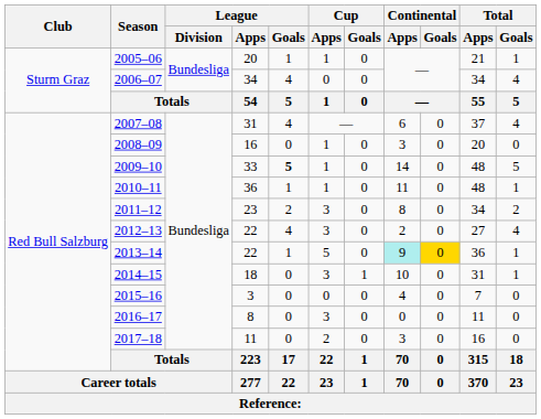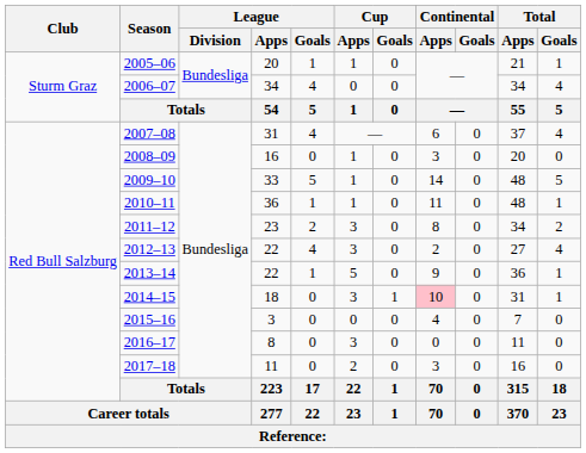 <table class="wikitable" Style="text-align: center">
 <tr>
 <th rowspan="2">Club</th>
 <th rowspan="2">Season</th>
 <th colspan="3">League</th>
 <th colspan="2">Cup</th>
 <th colspan="2">Continental</th>
 <th colspan="2">Total</th>
 </tr>
 <tr>
 <th>Division</th>
 <th>Apps</th>
 <th>Goals</th>
 <th>Apps</th>
 <th>Goals</th>
 <th>Apps</th>
 <th>Goals</th>
 <th>Apps</th>
 <th>Goals</th>
 </tr>
 <tr>
 <td rowspan="3"><a href='#'>Sturm Graz</a></td>
 <td><a href='#'>2005–06</a></td>
 <td rowspan="2"><a href='#'>Bundesliga</a></td>
 <td>20</td>
 <td>1</td>
 <td>1</td>
 <td>0</td>
 <td rowspan="2" colspan="2">—</td>
 <td>21</td>
 <td>1</td>
 </tr>
 <tr>
 <td><a href='#'>2006–07</a></td>
 <td>34</td>
 <td>4</td>
 <td>0</td>
 <td>0</td>
 <td>34</td>
 <td>4</td>
 </tr>
 <tr>
 <th colspan="2">Totals</th>
 <th>54</th>
 <th>5</th>
 <th>1</th>
 <th>0</th>
 <th colspan="2">—</th>
 <th>55</th>
 <th>5</th>
 </tr>
 <tr>
 <td rowspan="12"><a href='#'>Red Bull Salzburg</a></td>
 <td><a href='#'>2007–08</a></td>
 <td rowspan="11">Bundesliga</td>
 <td>31</td>
 <td>4</td>
 <td colspan="2">—</td>
 <td>6</td>
 <td>0</td>
 <td>37</td>
 <td>4</td>
 </tr>
 <tr>
 <td><a href='#'>2008–09</a></td>
 <td>16</td>
 <td>0</td>
 <td>1</td>
 <td>0</td>
 <td>3</td>
 <td>0</td>
 <td>20</td>
 <td>0</td>
 </tr>
 <tr>
 <td><a href='#'>2009–10</a></td>
 <td>33</td>
-<td><strong>5</strong></td>
+<td>5</td>
 <td>1</td>
 <td>0</td>
 <td>14</td>
 <td>0</td>
 <td>48</td>
 <td>5</td>
 </tr>
 <tr>
 <td><a href='#'>2010–11</a></td>
 <td>36</td>
 <td>1</td>
 <td>1</td>
 <td>0</td>
 <td>11</td>
 <td>0</td>
 <td>48</td>
 <td>1</td>
 </tr>
 <tr>
 <td><a href='#'>2011–12</a></td>
 <td>23</td>
 <td>2</td>
 <td>3</td>
 <td>0</td>
 <td>8</td>
 <td>0</td>
 <td>34</td>
 <td>2</td>
 </tr>
 <tr>
 <td><a href='#'>2012–13</a></td>
 <td>22</td>
 <td>4</td>
 <td>3</td>
 <td>0</td>
 <td>2</td>
 <td>0</td>
 <td>27</td>
 <td>4</td>
 </tr>
 <tr>
 <td><a href='#'>2013–14</a></td>
 <td>22</td>
 <td>1</td>
 <td>5</td>
 <td>0</td>
-<td style="background: paleturquoise;">9</td>
-<td style="background: gold;">0</td>
+<td>9</td>
+<td>0</td>
 <td>36</td>
 <td>1</td>
 </tr>
 <tr>
 <td><a href='#'>2014–15</a></td>
 <td>18</td>
 <td>0</td>
 <td>3</td>
 <td>1</td>
-<td>10</td>
+<td style="background: pink;">10</td>
 <td>0</td>
 <td>31</td>
 <td>1</td>
 </tr>
 <tr>
 <td><a href='#'>2015–16</a></td>
 <td>3</td>
 <td>0</td>
 <td>0</td>
 <td>0</td>
 <td>4</td>
 <td>0</td>
 <td>7</td>
 <td>0</td>
 </tr>
 <tr>
 <td><a href='#'>2016–17</a></td>
 <td>8</td>
 <td>0</td>
 <td>3</td>
 <td>0</td>
 <td>0</td>
 <td>0</td>
 <td>11</td>
 <td>0</td>
 </tr>
 <tr>
 <td><a href='#'>2017–18</a></td>
 <td>11</td>
 <td>0</td>
 <td>2</td>
 <td>0</td>
 <td>3</td>
 <td>0</td>
 <td>16</td>
 <td>0</td>
 </tr>
 <tr>
 <th colspan="2">Totals</th>
 <th>223</th>
 <th>17</th>
 <th>22</th>
 <th>1</th>
 <th>70</th>
 <th>0</th>
 <th>315</th>
 <th>18</th>
 </tr>
 <tr>
 <th colspan="3">Career totals</th>
 <th>277</th>
 <th>22</th>
 <th>23</th>
 <th>1</th>
 <th>70</th>
 <th>0</th>
 <th>370</th>
 <th>23</th>
 </tr>
 <tr>
 <th colspan="11">Reference:</th>
 </tr>
 </table>
